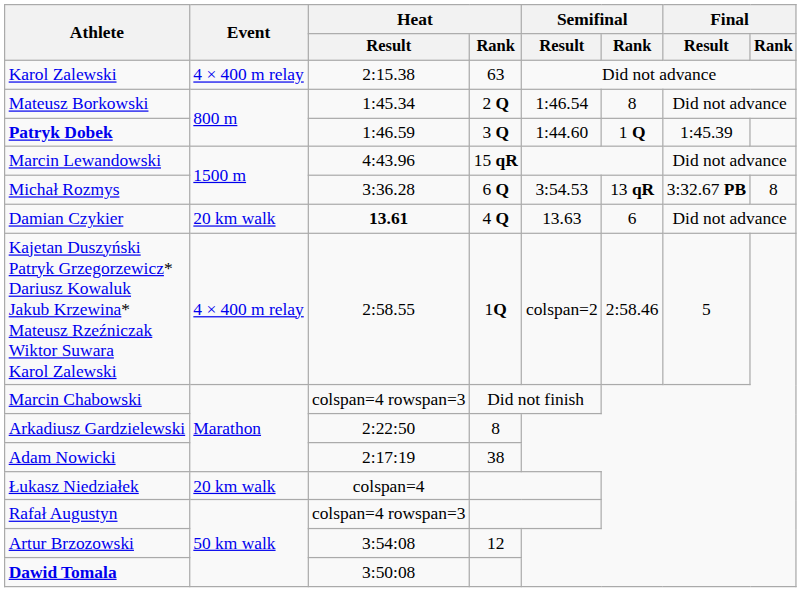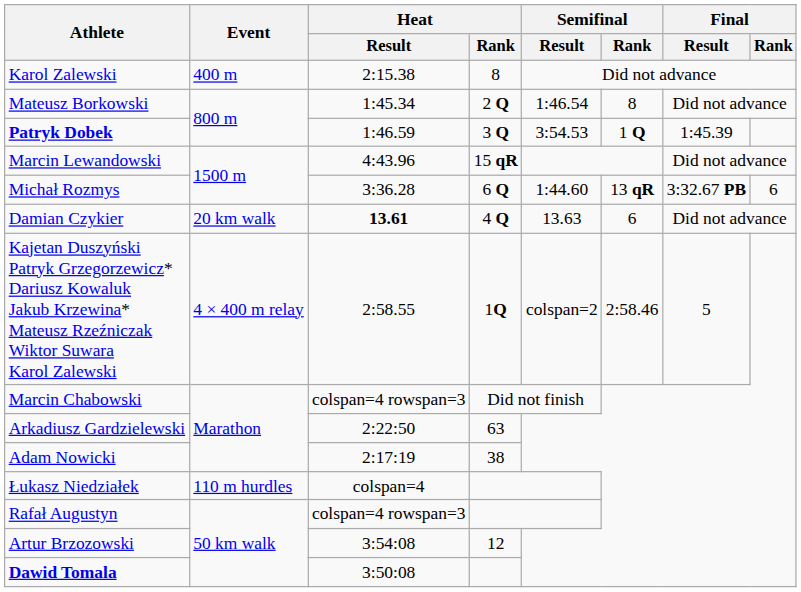 <table class="wikitable" style="text-align:center; font-size:90%">
 <tr>
 <th rowspan=2>Athlete</th>
 <th rowspan=2>Event</th>
 <th colspan=2>Heat</th>
 <th colspan=2>Semifinal</th>
 <th colspan=2>Final</th>
 </tr>
 <tr style="font-size:95%">
 <th>Result</th>
 <th>Rank</th>
 <th>Result</th>
 <th>Rank</th>
 <th>Result</th>
 <th>Rank</th>
 </tr>
 <tr>
 <td align=left><a href='#'>Karol Zalewski</a></td>
-<td align=left><a href='#'>4 × 400 m relay</a></td>
+<td align=left><a href='#'>400 m</a></td>
 <td>2:15.38</td>
-<td>63</td>
+<td>8</td>
 <td colspan=4>Did not advance</td>
 </tr>
 <tr>
 <td align=left><a href='#'>Mateusz Borkowski</a></td>
 <td align=left rowspan=2><a href='#'>800 m</a></td>
 <td>1:45.34</td>
 <td>2 <strong>Q</strong></td>
 <td>1:46.54</td>
 <td>8</td>
 <td colspan=2>Did not advance</td>
 </tr>
 <tr>
 <td align=left><strong><a href='#'>Patryk Dobek</a></strong></td>
 <td>1:46.59</td>
 <td>3 <strong>Q</strong></td>
-<td>1:44.60</td>
+<td>3:54.53</td>
 <td>1 <strong>Q</strong></td>
 <td>1:45.39</td>
 <td></td>
 </tr>
 <tr>
 <td align=left><a href='#'>Marcin Lewandowski</a></td>
 <td align=left rowspan=2><a href='#'>1500 m</a></td>
 <td>4:43.96</td>
 <td>15 <strong>qR</strong></td>
 <td colspan=2></td>
 <td colspan=2>Did not advance</td>
 </tr>
 <tr>
 <td align=left><a href='#'>Michał Rozmys</a></td>
 <td>3:36.28</td>
 <td>6 <strong>Q</strong></td>
-<td>3:54.53</td>
+<td>1:44.60</td>
 <td>13 <strong>qR</strong></td>
 <td>3:32.67 <strong>PB</strong></td>
-<td>8</td>
+<td>6</td>
 </tr>
 <tr>
 <td align=left><a href='#'>Damian Czykier</a></td>
 <td align=left><a href='#'>20 km walk</a></td>
 <td><strong>13.61</strong></td>
 <td>4 <strong>Q</strong></td>
 <td>13.63</td>
 <td>6</td>
 <td colspan=2>Did not advance</td>
 </tr>
 <tr>
 <td align=left><a href='#'>Kajetan Duszyński</a><br><a href='#'>Patryk Grzegorzewicz</a>*<br><a href='#'>Dariusz Kowaluk</a><br><a href='#'>Jakub Krzewina</a>*<br><a href='#'>Mateusz Rzeźniczak</a><br><a href='#'>Wiktor Suwara</a><br><a href='#'>Karol Zalewski</a></td>
 <td align=left><a href='#'>4 × 400 m relay</a></td>
 <td>2:58.55</td>
 <td>1<strong>Q</strong></td>
 <td>colspan=2 </td>
 <td>2:58.46</td>
 <td>5</td>
 </tr>
 <tr>
 <td align=left><a href='#'>Marcin Chabowski</a></td>
 <td align=left rowspan=3><a href='#'>Marathon</a></td>
 <td>colspan=4 rowspan=3 </td>
 <td colspan=2>Did not finish</td>
 </tr>
 <tr>
 <td align=left><a href='#'>Arkadiusz Gardzielewski</a></td>
 <td>2:22:50</td>
-<td>8</td>
+<td>63</td>
 </tr>
 <tr>
 <td align=left><a href='#'>Adam Nowicki</a></td>
 <td>2:17:19</td>
 <td>38</td>
 </tr>
 <tr>
 <td align=left><a href='#'>Łukasz Niedziałek</a></td>
-<td align=left><a href='#'>20 km walk</a></td>
+<td align=left><a href='#'>110 m hurdles</a></td>
 <td>colspan=4 </td>
 <td colspan=2></td>
 </tr>
 <tr>
 <td align=left><a href='#'>Rafał Augustyn</a></td>
 <td align=left rowspan=3><a href='#'>50 km walk</a></td>
 <td>colspan=4 rowspan=3 </td>
 <td colspan=2></td>
 </tr>
 <tr>
 <td align=left><a href='#'>Artur Brzozowski</a></td>
 <td>3:54:08</td>
 <td>12</td>
 </tr>
 <tr>
 <td align=left><strong><a href='#'>Dawid Tomala</a></strong></td>
 <td>3:50:08</td>
 <td></td>
 </tr>
 </table>
